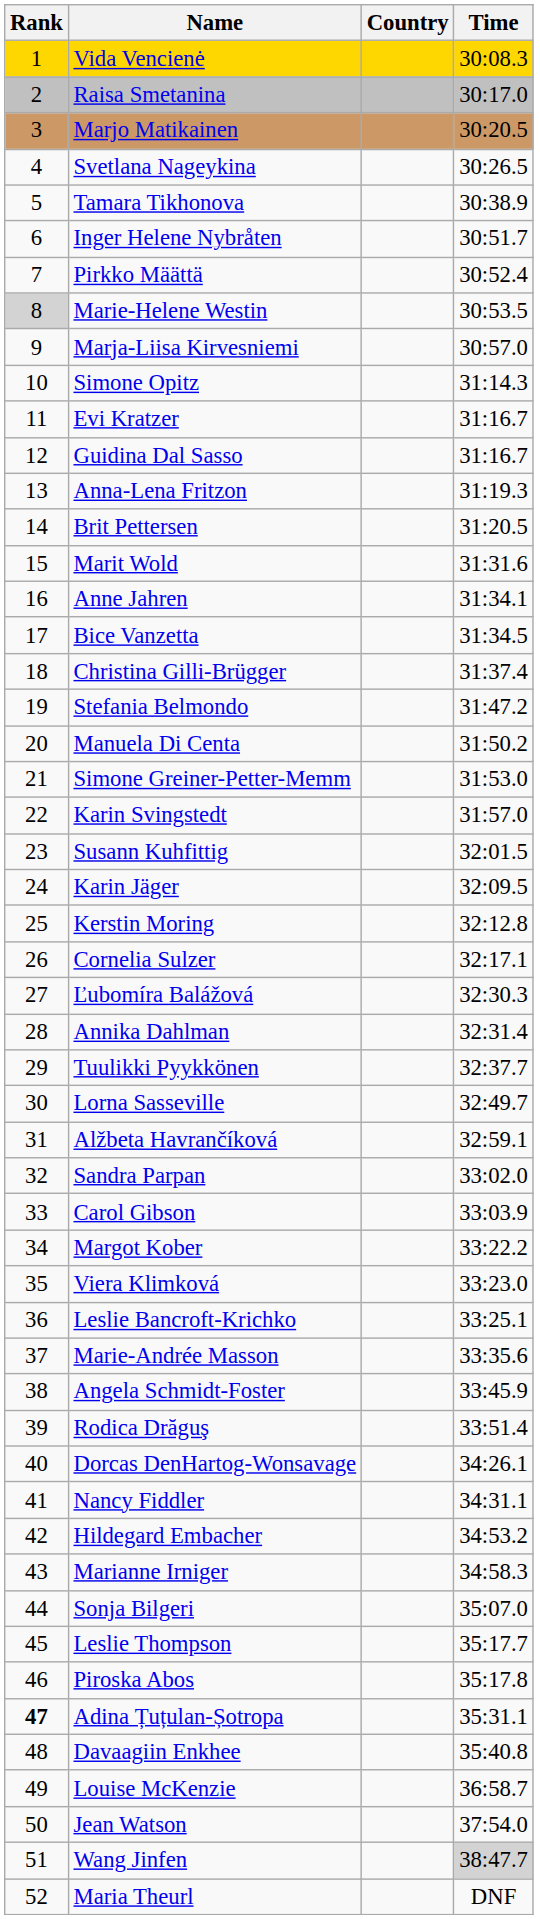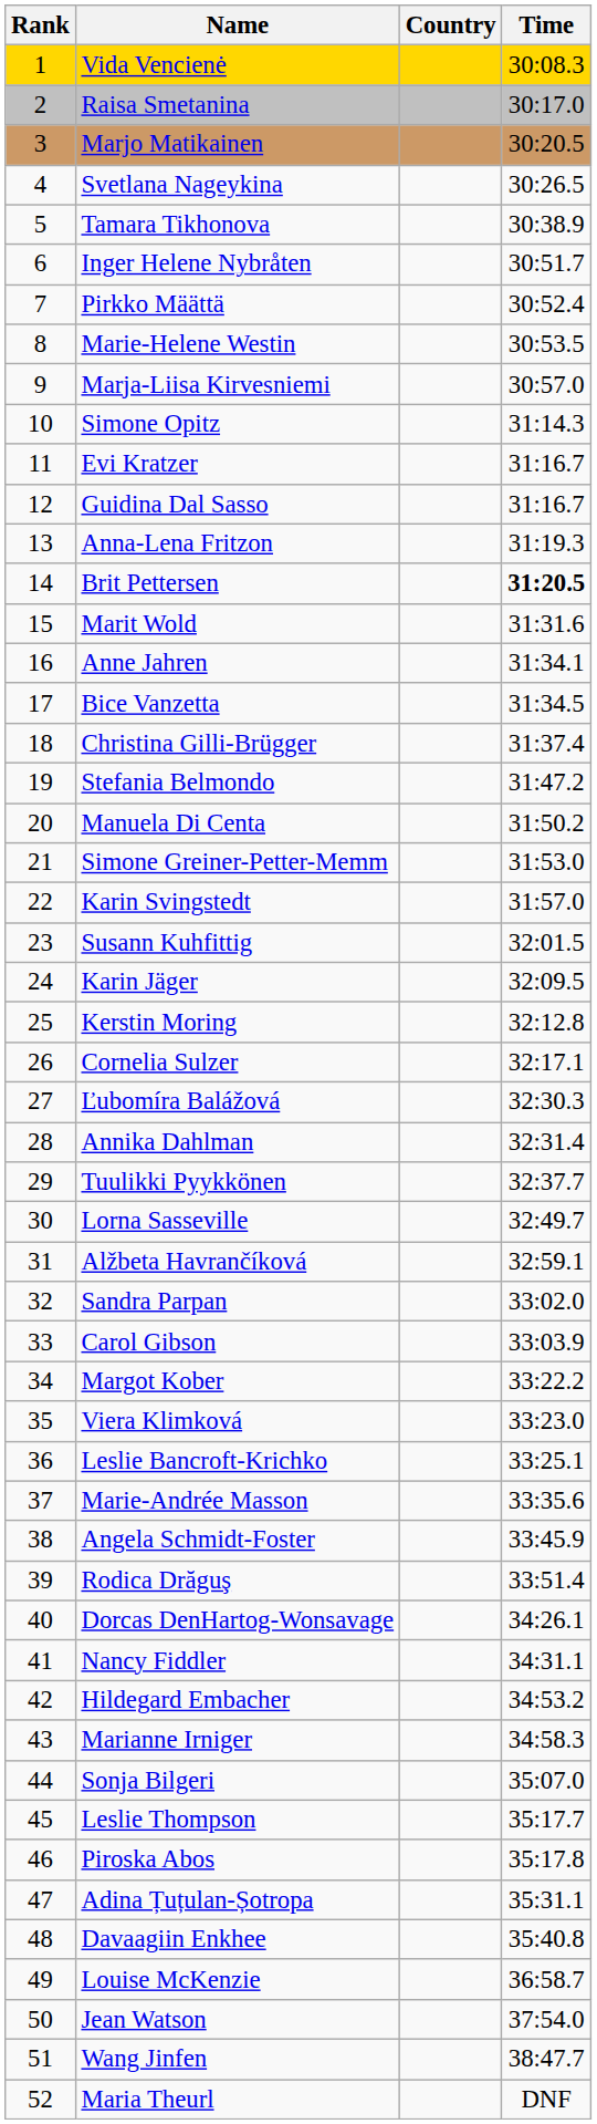 <table class="wikitable sortable" style="text-align:center">
 <tr>
 <th>Rank</th>
 <th>Name</th>
 <th>Country</th>
 <th>Time</th>
 </tr>
 <tr bgcolor=gold>
 <td>1</td>
 <td align="left"><a href='#'>Vida Vencienė</a></td>
 <td align="left"></td>
 <td>30:08.3</td>
 </tr>
 <tr bgcolor=silver>
 <td>2</td>
 <td align="left"><a href='#'>Raisa Smetanina</a></td>
 <td align="left"></td>
 <td>30:17.0</td>
 </tr>
 <tr bgcolor=#CC9966>
 <td>3</td>
 <td align="left"><a href='#'>Marjo Matikainen</a></td>
 <td align="left"></td>
 <td>30:20.5</td>
 </tr>
 <tr>
 <td>4</td>
 <td align="left"><a href='#'>Svetlana Nageykina</a></td>
 <td align="left"></td>
 <td>30:26.5</td>
 </tr>
 <tr>
 <td>5</td>
 <td align="left"><a href='#'>Tamara Tikhonova</a></td>
 <td align="left"></td>
 <td>30:38.9</td>
 </tr>
 <tr>
 <td>6</td>
 <td align="left"><a href='#'>Inger Helene Nybråten</a></td>
 <td align="left"></td>
 <td>30:51.7</td>
 </tr>
 <tr>
 <td>7</td>
 <td align="left"><a href='#'>Pirkko Määttä</a></td>
 <td align="left"></td>
 <td>30:52.4</td>
 </tr>
 <tr>
-<td style="background: lightgrey;">8</td>
+<td>8</td>
 <td align="left"><a href='#'>Marie-Helene Westin</a></td>
 <td align="left"></td>
 <td>30:53.5</td>
 </tr>
 <tr>
 <td>9</td>
 <td align="left"><a href='#'>Marja-Liisa Kirvesniemi</a></td>
 <td align="left"></td>
 <td>30:57.0</td>
 </tr>
 <tr>
 <td>10</td>
 <td align="left"><a href='#'>Simone Opitz</a></td>
 <td align="left"></td>
 <td>31:14.3</td>
 </tr>
 <tr>
 <td>11</td>
 <td align="left"><a href='#'>Evi Kratzer</a></td>
 <td align="left"></td>
 <td>31:16.7</td>
 </tr>
 <tr>
 <td>12</td>
 <td align="left"><a href='#'>Guidina Dal Sasso</a></td>
 <td align="left"></td>
 <td>31:16.7</td>
 </tr>
 <tr>
 <td>13</td>
 <td align="left"><a href='#'>Anna-Lena Fritzon</a></td>
 <td align="left"></td>
 <td>31:19.3</td>
 </tr>
 <tr>
 <td>14</td>
 <td align="left"><a href='#'>Brit Pettersen</a></td>
 <td align="left"></td>
-<td>31:20.5</td>
+<td><strong>31:20.5</strong></td>
 </tr>
 <tr>
 <td>15</td>
 <td align="left"><a href='#'>Marit Wold</a></td>
 <td align="left"></td>
 <td>31:31.6</td>
 </tr>
 <tr>
 <td>16</td>
 <td align="left"><a href='#'>Anne Jahren</a></td>
 <td align="left"></td>
 <td>31:34.1</td>
 </tr>
 <tr>
 <td>17</td>
 <td align="left"><a href='#'>Bice Vanzetta</a></td>
 <td align="left"></td>
 <td>31:34.5</td>
 </tr>
 <tr>
 <td>18</td>
 <td align="left"><a href='#'>Christina Gilli-Brügger</a></td>
 <td align="left"></td>
 <td>31:37.4</td>
 </tr>
 <tr>
 <td>19</td>
 <td align="left"><a href='#'>Stefania Belmondo</a></td>
 <td align="left"></td>
 <td>31:47.2</td>
 </tr>
 <tr>
 <td>20</td>
 <td align="left"><a href='#'>Manuela Di Centa</a></td>
 <td align="left"></td>
 <td>31:50.2</td>
 </tr>
 <tr>
 <td>21</td>
 <td align="left"><a href='#'>Simone Greiner-Petter-Memm</a></td>
 <td align="left"></td>
 <td>31:53.0</td>
 </tr>
 <tr>
 <td>22</td>
 <td align="left"><a href='#'>Karin Svingstedt</a></td>
 <td align="left"></td>
 <td>31:57.0</td>
 </tr>
 <tr>
 <td>23</td>
 <td align="left"><a href='#'>Susann Kuhfittig</a></td>
 <td align="left"></td>
 <td>32:01.5</td>
 </tr>
 <tr>
 <td>24</td>
 <td align="left"><a href='#'>Karin Jäger</a></td>
 <td align="left"></td>
 <td>32:09.5</td>
 </tr>
 <tr>
 <td>25</td>
 <td align="left"><a href='#'>Kerstin Moring</a></td>
 <td align="left"></td>
 <td>32:12.8</td>
 </tr>
 <tr>
 <td>26</td>
 <td align="left"><a href='#'>Cornelia Sulzer</a></td>
 <td align="left"></td>
 <td>32:17.1</td>
 </tr>
 <tr>
 <td>27</td>
 <td align="left"><a href='#'>Ľubomíra Balážová</a></td>
 <td align="left"></td>
 <td>32:30.3</td>
 </tr>
 <tr>
 <td>28</td>
 <td align="left"><a href='#'>Annika Dahlman</a></td>
 <td align="left"></td>
 <td>32:31.4</td>
 </tr>
 <tr>
 <td>29</td>
 <td align="left"><a href='#'>Tuulikki Pyykkönen</a></td>
 <td align="left"></td>
 <td>32:37.7</td>
 </tr>
 <tr>
 <td>30</td>
 <td align="left"><a href='#'>Lorna Sasseville</a></td>
 <td align="left"></td>
 <td>32:49.7</td>
 </tr>
 <tr>
 <td>31</td>
 <td align="left"><a href='#'>Alžbeta Havrančíková</a></td>
 <td align="left"></td>
 <td>32:59.1</td>
 </tr>
 <tr>
 <td>32</td>
 <td align="left"><a href='#'>Sandra Parpan</a></td>
 <td align="left"></td>
 <td>33:02.0</td>
 </tr>
 <tr>
 <td>33</td>
 <td align="left"><a href='#'>Carol Gibson</a></td>
 <td align="left"></td>
 <td>33:03.9</td>
 </tr>
 <tr>
 <td>34</td>
 <td align="left"><a href='#'>Margot Kober</a></td>
 <td align="left"></td>
 <td>33:22.2</td>
 </tr>
 <tr>
 <td>35</td>
 <td align="left"><a href='#'>Viera Klimková</a></td>
 <td align="left"></td>
 <td>33:23.0</td>
 </tr>
 <tr>
 <td>36</td>
 <td align="left"><a href='#'>Leslie Bancroft-Krichko</a></td>
 <td align="left"></td>
 <td>33:25.1</td>
 </tr>
 <tr>
 <td>37</td>
 <td align="left"><a href='#'>Marie-Andrée Masson</a></td>
 <td align="left"></td>
 <td>33:35.6</td>
 </tr>
 <tr>
 <td>38</td>
 <td align="left"><a href='#'>Angela Schmidt-Foster</a></td>
 <td align="left"></td>
 <td>33:45.9</td>
 </tr>
 <tr>
 <td>39</td>
 <td align="left"><a href='#'>Rodica Drăguş</a></td>
 <td align="left"></td>
 <td>33:51.4</td>
 </tr>
 <tr>
 <td>40</td>
 <td align="left"><a href='#'>Dorcas DenHartog-Wonsavage</a></td>
 <td align="left"></td>
 <td>34:26.1</td>
 </tr>
 <tr>
 <td>41</td>
 <td align="left"><a href='#'>Nancy Fiddler</a></td>
 <td align="left"></td>
 <td>34:31.1</td>
 </tr>
 <tr>
 <td>42</td>
 <td align="left"><a href='#'>Hildegard Embacher</a></td>
 <td align="left"></td>
 <td>34:53.2</td>
 </tr>
 <tr>
 <td>43</td>
 <td align="left"><a href='#'>Marianne Irniger</a></td>
 <td align="left"></td>
 <td>34:58.3</td>
 </tr>
 <tr>
 <td>44</td>
 <td align="left"><a href='#'>Sonja Bilgeri</a></td>
 <td align="left"></td>
 <td>35:07.0</td>
 </tr>
 <tr>
 <td>45</td>
 <td align="left"><a href='#'>Leslie Thompson</a></td>
 <td align="left"></td>
 <td>35:17.7</td>
 </tr>
 <tr>
 <td>46</td>
 <td align="left"><a href='#'>Piroska Abos</a></td>
 <td align="left"></td>
 <td>35:17.8</td>
 </tr>
 <tr>
-<td><strong>47</strong></td>
+<td>47</td>
 <td align="left"><a href='#'>Adina Țuțulan-Șotropa</a></td>
 <td align="left"></td>
 <td>35:31.1</td>
 </tr>
 <tr>
 <td>48</td>
 <td align="left"><a href='#'>Davaagiin Enkhee</a></td>
 <td align="left"></td>
 <td>35:40.8</td>
 </tr>
 <tr>
 <td>49</td>
 <td align="left"><a href='#'>Louise McKenzie</a></td>
 <td align="left"></td>
 <td>36:58.7</td>
 </tr>
 <tr>
 <td>50</td>
 <td align="left"><a href='#'>Jean Watson</a></td>
 <td align="left"></td>
 <td>37:54.0</td>
 </tr>
 <tr>
 <td>51</td>
 <td align="left"><a href='#'>Wang Jinfen</a></td>
 <td align="left"></td>
-<td style="background: lightgrey;">38:47.7</td>
+<td>38:47.7</td>
 </tr>
 <tr>
 <td>52</td>
 <td align="left"><a href='#'>Maria Theurl</a></td>
 <td align="left"></td>
 <td>DNF</td>
 </tr>
 </table>
